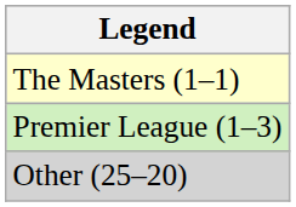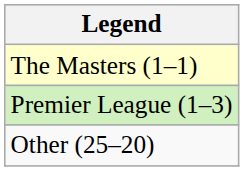 <table class="wikitable">
 <tr>
 <th>Legend</th>
 </tr>
 <tr bgcolor="ffffcc">
 <td>The Masters (1–1)</td>
 </tr>
 <tr style="background:#d0f0c0;">
 <td>Premier League (1–3)</td>
 </tr>
 <tr>
-<td style="background: lightgrey;">Other (25–20)</td>
+<td>Other (25–20)</td>
 </tr>
 </table>
